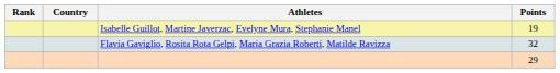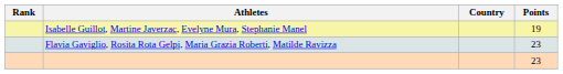 <table class="wikitable" width=65% style="font-size:90%; text-align:center;">
 <tr>
 <th>Rank</th>
+<th>Athletes</th>
 <th>Country</th>
-<th>Athletes</th>
 <th>Points</th>
 </tr>
 <tr bgcolor="#F7F6A8">
 <td></td>
+<td align=left><a href='#'>Isabelle Guillot</a>, <a href='#'>Martine Javerzac</a>, <a href='#'>Evelyne Mura</a>, <a href='#'>Stephanie Manel</a></td>
 <td align=left></td>
-<td align=left><a href='#'>Isabelle Guillot</a>, <a href='#'>Martine Javerzac</a>, <a href='#'>Evelyne Mura</a>, <a href='#'>Stephanie Manel</a></td>
 <td>19</td>
 </tr>
 <tr bgcolor="#DCE5E5">
 <td></td>
+<td align=left><a href='#'>Flavia Gaviglio</a>, <a href='#'>Rosita Rota Gelpi</a>, <a href='#'>Maria Grazia Roberti</a>, <a href='#'>Matilde Ravizza</a></td>
 <td align=left></td>
-<td align=left><a href='#'>Flavia Gaviglio</a>, <a href='#'>Rosita Rota Gelpi</a>, <a href='#'>Maria Grazia Roberti</a>, <a href='#'>Matilde Ravizza</a></td>
-<td>32</td>
+<td>23</td>
 </tr>
 <tr bgcolor="#FFDAB9">
 <td></td>
+<td></td>
 <td align=left></td>
-<td></td>
-<td>29</td>
+<td>23</td>
 </tr>
 </table>
